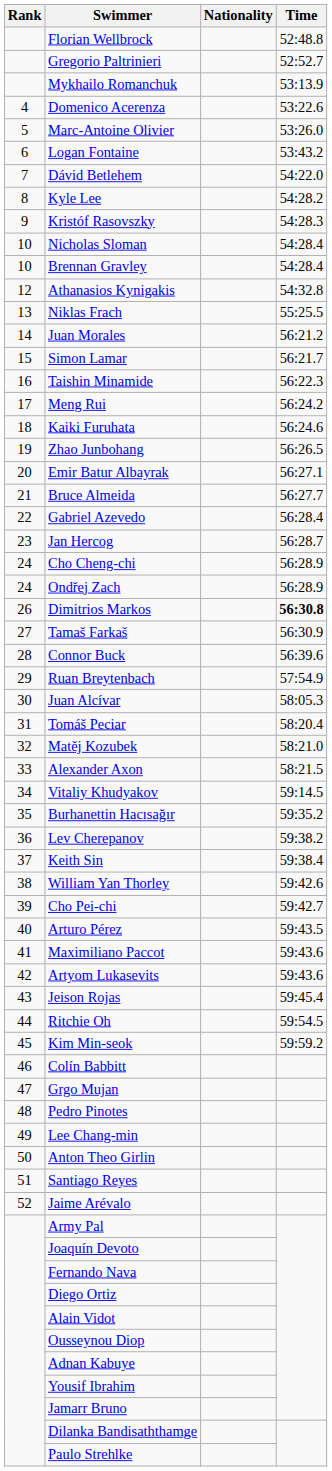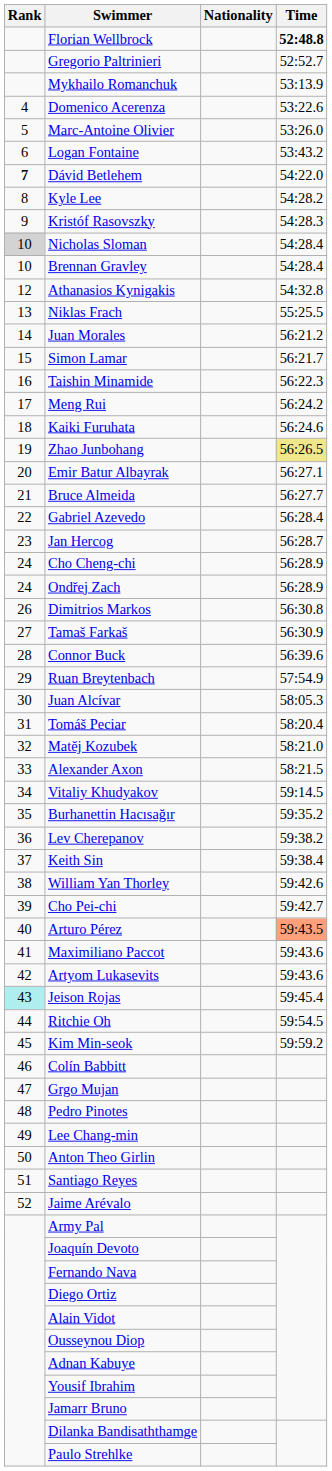 <table class="wikitable sortable" style="text-align:center">
 <tr>
 <th>Rank</th>
 <th>Swimmer</th>
 <th>Nationality</th>
 <th>Time</th>
 </tr>
 <tr>
 <td></td>
 <td align=left><a href='#'>Florian Wellbrock</a></td>
 <td align=left></td>
-<td>52:48.8</td>
+<td><strong>52:48.8</strong></td>
 </tr>
 <tr>
 <td></td>
 <td align=left><a href='#'>Gregorio Paltrinieri</a></td>
 <td align=left></td>
 <td>52:52.7</td>
 </tr>
 <tr>
 <td></td>
 <td align=left><a href='#'>Mykhailo Romanchuk</a></td>
 <td align=left></td>
 <td>53:13.9</td>
 </tr>
 <tr>
 <td>4</td>
 <td align=left><a href='#'>Domenico Acerenza</a></td>
 <td align=left></td>
 <td>53:22.6</td>
 </tr>
 <tr>
 <td>5</td>
 <td align=left><a href='#'>Marc-Antoine Olivier</a></td>
 <td align=left></td>
 <td>53:26.0</td>
 </tr>
 <tr>
 <td>6</td>
 <td align=left><a href='#'>Logan Fontaine</a></td>
 <td align=left></td>
 <td>53:43.2</td>
 </tr>
 <tr>
-<td>7</td>
+<td><strong>7</strong></td>
 <td align=left><a href='#'>Dávid Betlehem</a></td>
 <td align=left></td>
 <td>54:22.0</td>
 </tr>
 <tr>
 <td>8</td>
 <td align=left><a href='#'>Kyle Lee</a></td>
 <td align=left></td>
 <td>54:28.2</td>
 </tr>
 <tr>
 <td>9</td>
 <td align=left><a href='#'>Kristóf Rasovszky</a></td>
 <td align=left></td>
 <td>54:28.3</td>
 </tr>
 <tr>
-<td>10</td>
+<td style="background: lightgrey;">10</td>
 <td align=left><a href='#'>Nicholas Sloman</a></td>
 <td align=left></td>
 <td>54:28.4</td>
 </tr>
 <tr>
 <td>10</td>
 <td align=left><a href='#'>Brennan Gravley</a></td>
 <td align=left></td>
 <td>54:28.4</td>
 </tr>
 <tr>
 <td>12</td>
 <td align=left><a href='#'>Athanasios Kynigakis</a></td>
 <td align=left></td>
 <td>54:32.8</td>
 </tr>
 <tr>
 <td>13</td>
 <td align=left><a href='#'>Niklas Frach</a></td>
 <td align=left></td>
 <td>55:25.5</td>
 </tr>
 <tr>
 <td>14</td>
 <td align=left><a href='#'>Juan Morales</a></td>
 <td align=left></td>
 <td>56:21.2</td>
 </tr>
 <tr>
 <td>15</td>
 <td align=left><a href='#'>Simon Lamar</a></td>
 <td align=left></td>
 <td>56:21.7</td>
 </tr>
 <tr>
 <td>16</td>
 <td align=left><a href='#'>Taishin Minamide</a></td>
 <td align=left></td>
 <td>56:22.3</td>
 </tr>
 <tr>
 <td>17</td>
 <td align=left><a href='#'>Meng Rui</a></td>
 <td align=left></td>
 <td>56:24.2</td>
 </tr>
 <tr>
 <td>18</td>
 <td align=left><a href='#'>Kaiki Furuhata</a></td>
 <td align=left></td>
 <td>56:24.6</td>
 </tr>
 <tr>
 <td>19</td>
 <td align=left><a href='#'>Zhao Junbohang</a></td>
 <td align=left></td>
-<td>56:26.5</td>
+<td style="background: khaki;">56:26.5</td>
 </tr>
 <tr>
 <td>20</td>
 <td align=left><a href='#'>Emir Batur Albayrak</a></td>
 <td align=left></td>
 <td>56:27.1</td>
 </tr>
 <tr>
 <td>21</td>
 <td align=left><a href='#'>Bruce Almeida</a></td>
 <td align=left></td>
 <td>56:27.7</td>
 </tr>
 <tr>
 <td>22</td>
 <td align=left><a href='#'>Gabriel Azevedo</a></td>
 <td align=left></td>
 <td>56:28.4</td>
 </tr>
 <tr>
 <td>23</td>
 <td align=left><a href='#'>Jan Hercog</a></td>
 <td align=left></td>
 <td>56:28.7</td>
 </tr>
 <tr>
 <td>24</td>
 <td align=left><a href='#'>Cho Cheng-chi</a></td>
 <td align=left></td>
 <td>56:28.9</td>
 </tr>
 <tr>
 <td>24</td>
 <td align=left><a href='#'>Ondřej Zach</a></td>
 <td align=left></td>
 <td>56:28.9</td>
 </tr>
 <tr>
 <td>26</td>
 <td align=left><a href='#'>Dimitrios Markos</a></td>
 <td align=left></td>
-<td><strong>56:30.8</strong></td>
+<td>56:30.8</td>
 </tr>
 <tr>
 <td>27</td>
 <td align=left><a href='#'>Tamaš Farkaš</a></td>
 <td align=left></td>
 <td>56:30.9</td>
 </tr>
 <tr>
 <td>28</td>
 <td align=left><a href='#'>Connor Buck</a></td>
 <td align=left></td>
 <td>56:39.6</td>
 </tr>
 <tr>
 <td>29</td>
 <td align=left><a href='#'>Ruan Breytenbach</a></td>
 <td align=left></td>
 <td>57:54.9</td>
 </tr>
 <tr>
 <td>30</td>
 <td align=left><a href='#'>Juan Alcívar</a></td>
 <td align=left></td>
 <td>58:05.3</td>
 </tr>
 <tr>
 <td>31</td>
 <td align=left><a href='#'>Tomáš Peciar</a></td>
 <td align=left></td>
 <td>58:20.4</td>
 </tr>
 <tr>
 <td>32</td>
 <td align=left><a href='#'>Matěj Kozubek</a></td>
 <td align=left></td>
 <td>58:21.0</td>
 </tr>
 <tr>
 <td>33</td>
 <td align=left><a href='#'>Alexander Axon</a></td>
 <td align=left></td>
 <td>58:21.5</td>
 </tr>
 <tr>
 <td>34</td>
 <td align=left><a href='#'>Vitaliy Khudyakov</a></td>
 <td align=left></td>
 <td>59:14.5</td>
 </tr>
 <tr>
 <td>35</td>
 <td align=left><a href='#'>Burhanettin Hacısağır</a></td>
 <td align=left></td>
 <td>59:35.2</td>
 </tr>
 <tr>
 <td>36</td>
 <td align=left><a href='#'>Lev Cherepanov</a></td>
 <td align=left></td>
 <td>59:38.2</td>
 </tr>
 <tr>
 <td>37</td>
 <td align=left><a href='#'>Keith Sin</a></td>
 <td align=left></td>
 <td>59:38.4</td>
 </tr>
 <tr>
 <td>38</td>
 <td align=left><a href='#'>William Yan Thorley</a></td>
 <td align=left></td>
 <td>59:42.6</td>
 </tr>
 <tr>
 <td>39</td>
 <td align=left><a href='#'>Cho Pei-chi</a></td>
 <td align=left></td>
 <td>59:42.7</td>
 </tr>
 <tr>
 <td>40</td>
 <td align=left><a href='#'>Arturo Pérez</a></td>
 <td align=left></td>
-<td>59:43.5</td>
+<td style="background: lightsalmon;">59:43.5</td>
 </tr>
 <tr>
 <td>41</td>
 <td align=left><a href='#'>Maximiliano Paccot</a></td>
 <td align=left></td>
 <td>59:43.6</td>
 </tr>
 <tr>
 <td>42</td>
 <td align=left><a href='#'>Artyom Lukasevits</a></td>
 <td align=left></td>
 <td>59:43.6</td>
 </tr>
 <tr>
-<td>43</td>
+<td style="background: paleturquoise;">43</td>
 <td align=left><a href='#'>Jeison Rojas</a></td>
 <td align=left></td>
 <td>59:45.4</td>
 </tr>
 <tr>
 <td>44</td>
 <td align=left><a href='#'>Ritchie Oh</a></td>
 <td align=left></td>
 <td>59:54.5</td>
 </tr>
 <tr>
 <td>45</td>
 <td align=left><a href='#'>Kim Min-seok</a></td>
 <td align=left></td>
 <td>59:59.2</td>
 </tr>
 <tr>
 <td>46</td>
 <td align=left><a href='#'>Colín Babbitt</a></td>
 <td align=left></td>
 <td></td>
 </tr>
 <tr>
 <td>47</td>
 <td align=left><a href='#'>Grgo Mujan</a></td>
 <td align=left></td>
 <td></td>
 </tr>
 <tr>
 <td>48</td>
 <td align=left><a href='#'>Pedro Pinotes</a></td>
 <td align=left></td>
 <td></td>
 </tr>
 <tr>
 <td>49</td>
 <td align=left><a href='#'>Lee Chang-min</a></td>
 <td align=left></td>
 <td></td>
 </tr>
 <tr>
 <td>50</td>
 <td align=left><a href='#'>Anton Theo Girlin</a></td>
 <td align=left></td>
 <td></td>
 </tr>
 <tr>
 <td>51</td>
 <td align=left><a href='#'>Santiago Reyes</a></td>
 <td align=left></td>
 <td></td>
 </tr>
 <tr>
 <td>52</td>
 <td align=left><a href='#'>Jaime Arévalo</a></td>
 <td align=left></td>
 <td></td>
 </tr>
 <tr>
 <td rowspan=11></td>
 <td align=left><a href='#'>Army Pal</a></td>
 <td align=left></td>
 <td rowspan=9></td>
 </tr>
 <tr>
 <td align=left><a href='#'>Joaquín Devoto</a></td>
 <td align=left></td>
 </tr>
 <tr>
 <td align=left><a href='#'>Fernando Nava</a></td>
 <td align=left></td>
 </tr>
 <tr>
 <td align=left><a href='#'>Diego Ortiz</a></td>
 <td align=left></td>
 </tr>
 <tr>
 <td align=left><a href='#'>Alain Vidot</a></td>
 <td align=left></td>
 </tr>
 <tr>
 <td align=left><a href='#'>Ousseynou Diop</a></td>
 <td align=left></td>
 </tr>
 <tr>
 <td align=left><a href='#'>Adnan Kabuye</a></td>
 <td align=left></td>
 </tr>
 <tr>
 <td align=left><a href='#'>Yousif Ibrahim</a></td>
 <td align=left></td>
 </tr>
 <tr>
 <td align=left><a href='#'>Jamarr Bruno</a></td>
 <td align=left></td>
 </tr>
 <tr>
 <td align=left><a href='#'>Dilanka Bandisaththamge</a></td>
 <td align=left></td>
 <td rowspan=2></td>
 </tr>
 <tr>
 <td align=left><a href='#'>Paulo Strehlke</a></td>
 <td align=left></td>
 </tr>
 </table>
